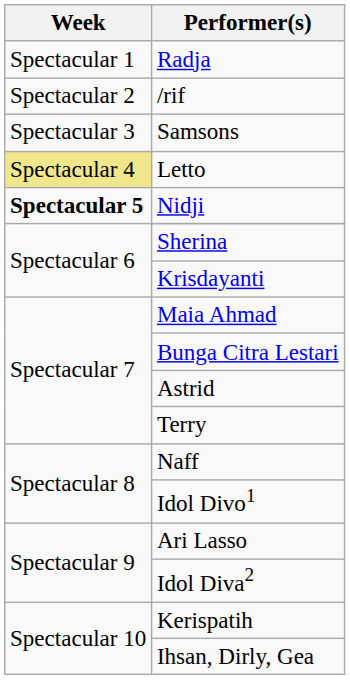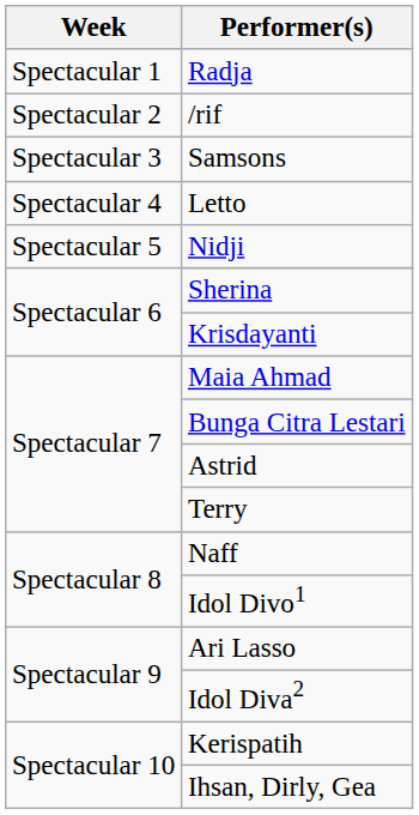 <table class="wikitable">
 <tr>
 <th>Week</th>
 <th>Performer(s)</th>
 </tr>
 <tr>
 <td>Spectacular 1</td>
 <td><a href='#'>Radja</a></td>
 </tr>
 <tr>
 <td>Spectacular 2</td>
 <td>/rif</td>
 </tr>
 <tr>
 <td>Spectacular 3</td>
 <td>Samsons</td>
 </tr>
 <tr>
-<td style="background: khaki;">Spectacular 4</td>
+<td>Spectacular 4</td>
 <td>Letto</td>
 </tr>
 <tr>
-<td><strong>Spectacular 5</strong></td>
+<td>Spectacular 5</td>
 <td><a href='#'>Nidji</a></td>
 </tr>
 <tr>
 <td rowspan=3>Spectacular 6</td>
 </tr>
 <tr>
 <td><a href='#'>Sherina</a></td>
 </tr>
 <tr>
 <td><a href='#'>Krisdayanti</a></td>
 </tr>
 <tr>
 <td rowspan=4>Spectacular 7</td>
 <td><a href='#'>Maia Ahmad</a></td>
 </tr>
 <tr>
 <td><a href='#'>Bunga Citra Lestari</a></td>
 </tr>
 <tr>
 <td>Astrid</td>
 </tr>
 <tr>
 <td>Terry</td>
 </tr>
 <tr>
 <td rowspan=2>Spectacular 8</td>
 <td>Naff</td>
 </tr>
 <tr>
 <td>Idol Divo<sup>1</sup></td>
 </tr>
 <tr>
 <td rowspan=2>Spectacular 9</td>
 <td>Ari Lasso</td>
 </tr>
 <tr>
 <td>Idol Diva<sup>2</sup></td>
 </tr>
 <tr>
 <td rowspan=2>Spectacular 10</td>
 <td>Kerispatih</td>
 </tr>
 <tr>
 <td>Ihsan, Dirly, Gea</td>
 </tr>
 </table>
